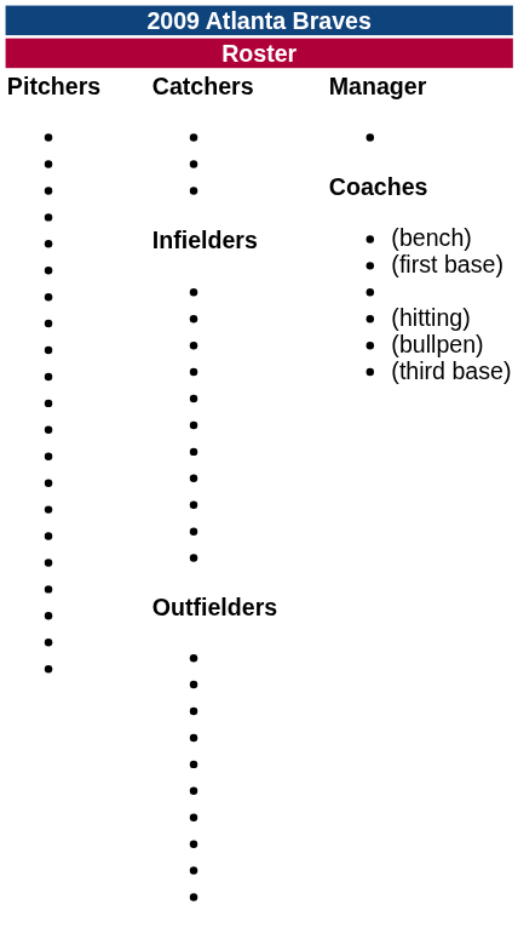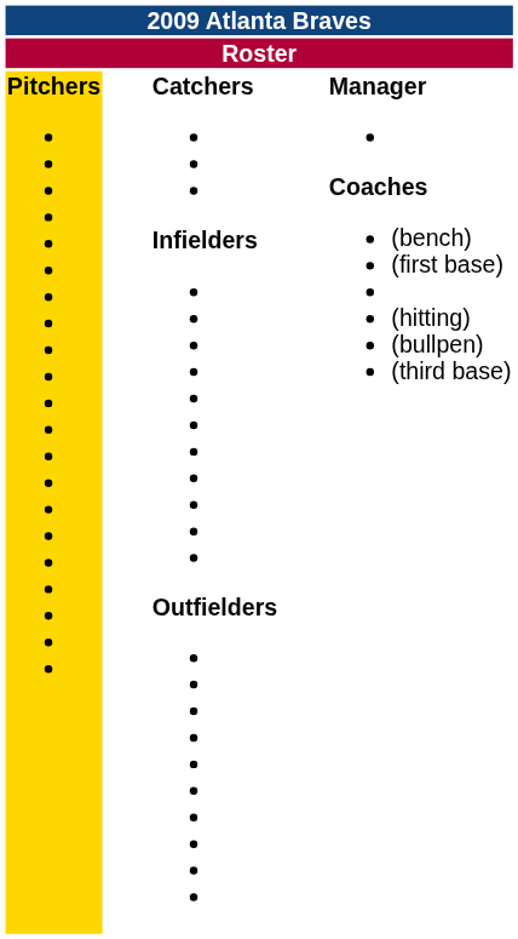 <table class="toccolours" style="font-size: 95%;">
 <tr>
 <th colspan=10 style="background-color: #0f437c; color: #FFFFFF; text-align: center;">2009 Atlanta Braves</th>
 </tr>
 <tr>
 <td colspan=10 style="background-color:#af0039; color: white; text-align: center;"><strong>Roster</strong></td>
 </tr>
 <tr>
-<td valign="top"><strong>Pitchers</strong><br><ul><li></li><li></li><li></li><li></li><li></li><li></li><li></li><li></li><li></li><li></li><li></li><li></li><li></li><li></li><li></li><li></li><li></li><li></li><li></li><li></li><li></li></ul></td>
+<td valign="top" style="background: gold;"><strong>Pitchers</strong><br><ul><li></li><li></li><li></li><li></li><li></li><li></li><li></li><li></li><li></li><li></li><li></li><li></li><li></li><li></li><li></li><li></li><li></li><li></li><li></li><li></li><li></li></ul></td>
 <td width="25px"></td>
 <td valign="top"><strong>Catchers</strong><br><ul><li></li><li></li><li></li></ul><strong>Infielders</strong><ul><li></li><li></li><li></li><li></li><li></li><li></li><li></li><li></li><li></li><li></li><li></li></ul><strong>Outfielders</strong><ul><li></li><li></li><li></li><li></li><li></li><li></li><li></li><li></li><li></li><li></li></ul></td>
 <td width="25px"></td>
 <td valign="top"><strong>Manager</strong><br><ul><li></li></ul><strong>Coaches</strong><ul><li> (bench)</li><li> (first base)</li><li></li><li> (hitting)</li><li> (bullpen)</li><li> (third base)</li></ul></td>
 </tr>
 </table>
